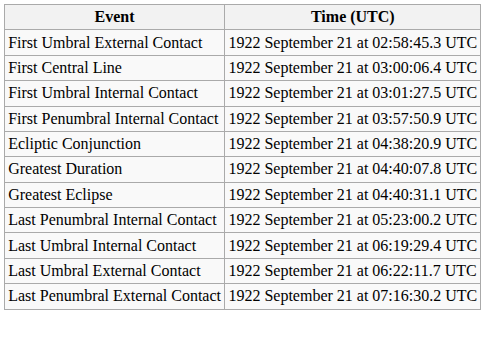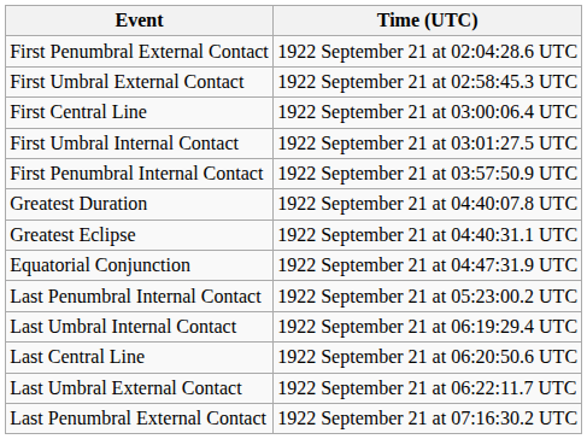 <table class="wikitable">
 <tr>
 <th>Event</th>
 <th>Time (UTC)</th>
+</tr>
+<tr>
+<td>First Penumbral External Contact</td>
+<td>1922 September 21 at 02:04:28.6 UTC</td>
 </tr>
 <tr>
 <td>First Umbral External Contact</td>
 <td>1922 September 21 at 02:58:45.3 UTC</td>
 </tr>
 <tr>
 <td>First Central Line</td>
 <td>1922 September 21 at 03:00:06.4 UTC</td>
 </tr>
 <tr>
 <td>First Umbral Internal Contact</td>
 <td>1922 September 21 at 03:01:27.5 UTC</td>
 </tr>
 <tr>
 <td>First Penumbral Internal Contact</td>
 <td>1922 September 21 at 03:57:50.9 UTC</td>
 </tr>
 <tr>
-<td>Ecliptic Conjunction</td>
-<td>1922 September 21 at 04:38:20.9 UTC</td>
-</tr>
-<tr>
 <td>Greatest Duration</td>
 <td>1922 September 21 at 04:40:07.8 UTC</td>
 </tr>
 <tr>
 <td>Greatest Eclipse</td>
 <td>1922 September 21 at 04:40:31.1 UTC</td>
+</tr>
+<tr>
+<td>Equatorial Conjunction</td>
+<td>1922 September 21 at 04:47:31.9 UTC</td>
 </tr>
 <tr>
 <td>Last Penumbral Internal Contact</td>
 <td>1922 September 21 at 05:23:00.2 UTC</td>
 </tr>
 <tr>
 <td>Last Umbral Internal Contact</td>
 <td>1922 September 21 at 06:19:29.4 UTC</td>
 </tr>
 <tr>
+<td>Last Central Line</td>
+<td>1922 September 21 at 06:20:50.6 UTC</td>
+</tr>
+<tr>
 <td>Last Umbral External Contact</td>
 <td>1922 September 21 at 06:22:11.7 UTC</td>
 </tr>
 <tr>
 <td>Last Penumbral External Contact</td>
 <td>1922 September 21 at 07:16:30.2 UTC</td>
 </tr>
 </table>
